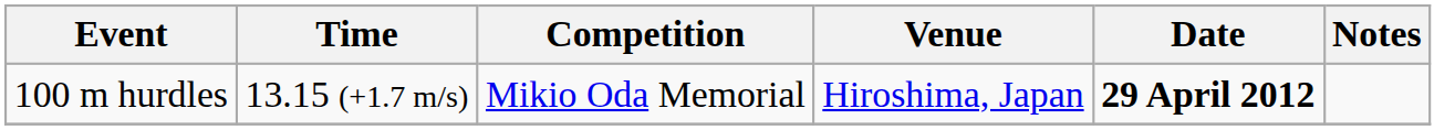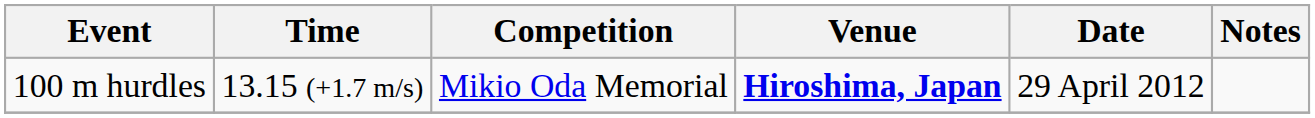 <table class="wikitable" style=text-align:center>
 <tr>
 <th>Event</th>
 <th>Time</th>
 <th>Competition</th>
 <th>Venue</th>
 <th>Date</th>
 <th>Notes</th>
 </tr>
 <tr>
 <td>100 m hurdles</td>
 <td>13.15 <small>(+1.7 m/s)</small></td>
 <td><a href='#'>Mikio Oda</a> Memorial</td>
-<td><a href='#'>Hiroshima, Japan</a></td>
-<td><strong>29 April 2012</strong></td>
+<td><strong><a href='#'>Hiroshima, Japan</a></strong></td>
+<td>29 April 2012</td>
 <td></td>
 </tr>
 <tr>
 </tr>
 </table>
